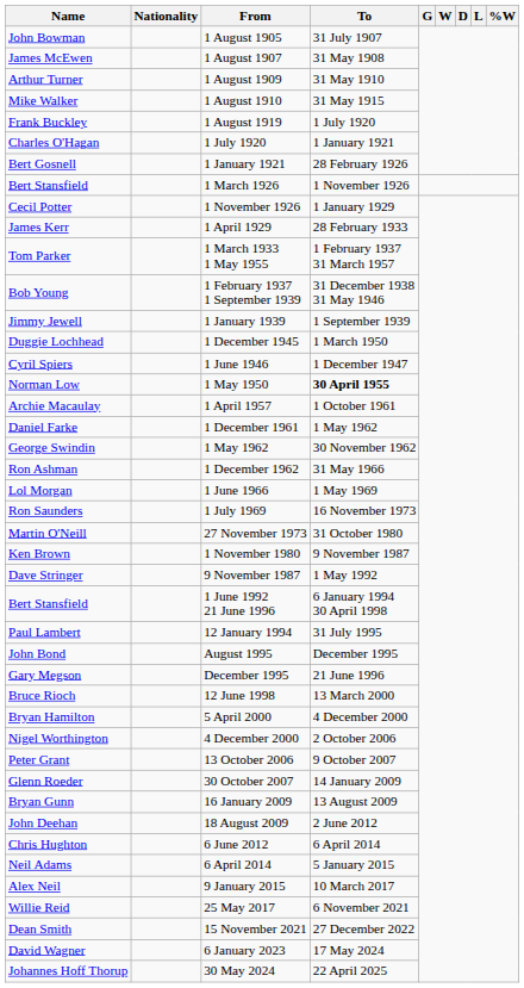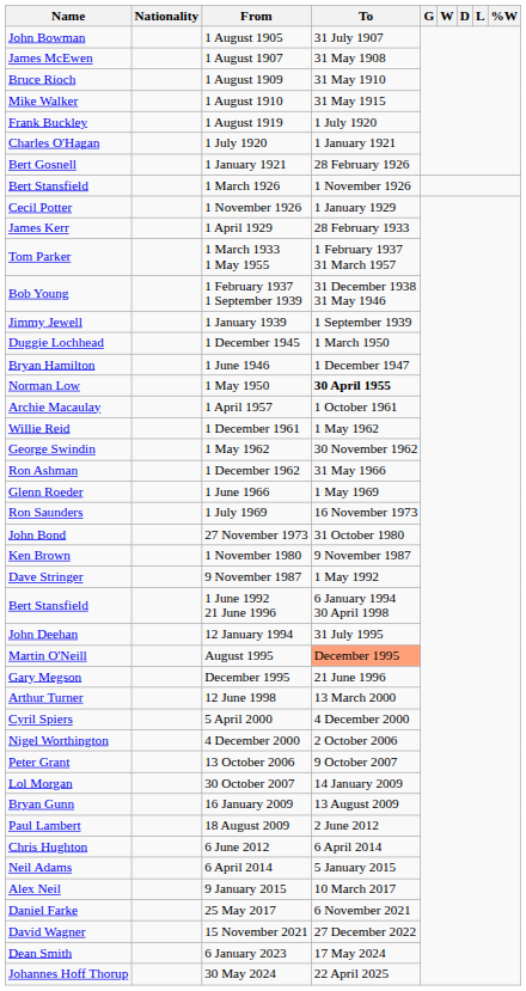 <table class="wikitable sortable" style="text-align: center;">
 <tr>
 <th>Name</th>
 <th>Nationality</th>
 <th>From</th>
 <th>To</th>
 <th>G</th>
 <th>W</th>
 <th>D</th>
 <th>L</th>
 <th>%W</th>
 </tr>
 <tr>
 <td style="text-align:left;"><a href='#'>John Bowman</a></td>
 <td></td>
 <td style="text-align:left;">1 August 1905</td>
 <td align=left>31 July 1907<br></td>
 </tr>
 <tr>
 <td style="text-align:left;"><a href='#'>James McEwen</a></td>
 <td></td>
 <td style="text-align:left;">1 August 1907</td>
 <td align=left>31 May 1908<br></td>
 </tr>
 <tr>
-<td style="text-align:left;"><a href='#'>Arthur Turner</a></td>
+<td style="text-align:left;"><a href='#'>Bruce Rioch</a></td>
 <td></td>
 <td style="text-align:left;">1 August 1909</td>
 <td align=left>31 May 1910<br></td>
 </tr>
 <tr>
 <td style="text-align:left;"><a href='#'>Mike Walker</a></td>
 <td></td>
 <td style="text-align:left;">1 August 1910</td>
 <td align=left>31 May 1915<br></td>
 </tr>
 <tr>
 <td style="text-align:left;"><a href='#'>Frank Buckley</a></td>
 <td></td>
 <td style="text-align:left;">1 August 1919</td>
 <td align=left>1 July 1920<br></td>
 </tr>
 <tr>
 <td style="text-align:left;"><a href='#'>Charles O'Hagan</a></td>
 <td></td>
 <td style="text-align:left;">1 July 1920</td>
 <td align=left>1 January 1921<br></td>
 </tr>
 <tr>
 <td style="text-align:left;"><a href='#'>Bert Gosnell</a></td>
 <td></td>
 <td style="text-align:left;">1 January 1921</td>
 <td align=left>28 February 1926<br></td>
 </tr>
 <tr>
 <td style="text-align:left;"><a href='#'>Bert Stansfield</a></td>
 <td></td>
 <td style="text-align:left;">1 March 1926</td>
 <td style="text-align:left;">1 November 1926</td>
 <td colspan="5"></td>
 </tr>
 <tr>
 <td style="text-align:left;"><a href='#'>Cecil Potter</a></td>
 <td></td>
 <td style="text-align:left;">1 November 1926</td>
 <td align=left>1 January 1929<br></td>
 </tr>
 <tr>
 <td style="text-align:left;"><a href='#'>James Kerr</a></td>
 <td></td>
 <td style="text-align:left;">1 April 1929</td>
 <td align=left>28 February 1933<br></td>
 </tr>
 <tr>
 <td style="text-align:left;"><a href='#'>Tom Parker</a></td>
 <td></td>
 <td style="text-align:left;">1 March 1933<br>1 May 1955</td>
 <td align=left>1 February 1937<br>31 March 1957<br></td>
 </tr>
 <tr>
 <td style="text-align:left;"><a href='#'>Bob Young</a></td>
 <td></td>
 <td style="text-align:left;">1 February 1937<br>1 September 1939</td>
 <td align=left>31 December 1938<br>31 May 1946<br></td>
 </tr>
 <tr>
 <td style="text-align:left;"><a href='#'>Jimmy Jewell</a></td>
 <td></td>
 <td style="text-align:left;">1 January 1939</td>
 <td align=left>1 September 1939<br></td>
 </tr>
 <tr>
 <td style="text-align:left;"><a href='#'>Duggie Lochhead</a></td>
 <td></td>
 <td style="text-align:left;">1 December 1945</td>
 <td align=left>1 March 1950<br></td>
 </tr>
 <tr>
-<td style="text-align:left;"><a href='#'>Cyril Spiers</a></td>
+<td style="text-align:left;"><a href='#'>Bryan Hamilton</a></td>
 <td></td>
 <td style="text-align:left;">1 June 1946</td>
 <td align=left>1 December 1947<br></td>
 </tr>
 <tr>
 <td style="text-align:left;"><a href='#'>Norman Low</a></td>
 <td></td>
 <td style="text-align:left;">1 May 1950</td>
 <td align=left><strong>30 April 1955<br></strong></td>
 </tr>
 <tr>
 <td style="text-align:left;"><a href='#'>Archie Macaulay</a></td>
 <td></td>
 <td style="text-align:left;">1 April 1957</td>
 <td align=left>1 October 1961<br></td>
 </tr>
 <tr>
-<td style="text-align:left;"><a href='#'>Daniel Farke</a></td>
+<td style="text-align:left;"><a href='#'>Willie Reid</a></td>
 <td></td>
 <td style="text-align:left;">1 December 1961</td>
 <td align=left>1 May 1962<br></td>
 </tr>
 <tr>
 <td style="text-align:left;"><a href='#'>George Swindin</a></td>
 <td></td>
 <td style="text-align:left;">1 May 1962</td>
 <td align=left>30 November 1962<br></td>
 </tr>
 <tr>
 <td style="text-align:left;"><a href='#'>Ron Ashman</a></td>
 <td></td>
 <td style="text-align:left;">1 December 1962</td>
 <td align=left>31 May 1966<br></td>
 </tr>
 <tr>
-<td style="text-align:left;"><a href='#'>Lol Morgan</a></td>
+<td style="text-align:left;"><a href='#'>Glenn Roeder</a></td>
 <td></td>
 <td style="text-align:left;">1 June 1966</td>
 <td align=left>1 May 1969<br></td>
 </tr>
 <tr>
 <td style="text-align:left;"><a href='#'>Ron Saunders</a></td>
 <td></td>
 <td style="text-align:left;">1 July 1969</td>
 <td align=left>16 November 1973<br></td>
 </tr>
 <tr>
-<td style="text-align:left;"><a href='#'>Martin O'Neill</a></td>
+<td style="text-align:left;"><a href='#'>John Bond</a></td>
 <td></td>
 <td style="text-align:left;">27 November 1973</td>
 <td align=left>31 October 1980<br></td>
 </tr>
 <tr>
 <td style="text-align:left;"><a href='#'>Ken Brown</a></td>
 <td></td>
 <td style="text-align:left;">1 November 1980</td>
 <td align=left>9 November 1987<br></td>
 </tr>
 <tr>
 <td style="text-align:left;"><a href='#'>Dave Stringer</a></td>
 <td></td>
 <td style="text-align:left;">9 November 1987</td>
 <td align=left>1 May 1992<br></td>
 </tr>
 <tr>
 <td style="text-align:left;"><a href='#'>Bert Stansfield</a></td>
 <td></td>
 <td style="text-align:left;">1 June 1992<br>21 June 1996</td>
 <td align=left>6 January 1994<br>30 April 1998<br></td>
 </tr>
 <tr>
-<td style="text-align:left;"><a href='#'>Paul Lambert</a></td>
+<td style="text-align:left;"><a href='#'>John Deehan</a></td>
 <td></td>
 <td style="text-align:left;">12 January 1994</td>
 <td align=left>31 July 1995<br></td>
 </tr>
 <tr>
-<td style="text-align:left;"><a href='#'>John Bond</a></td>
+<td style="text-align:left;"><a href='#'>Martin O'Neill</a></td>
 <td></td>
 <td style="text-align:left;">August 1995</td>
-<td align=left>December 1995<br></td>
+<td align=left style="background: lightsalmon;">December 1995<br></td>
 </tr>
 <tr>
 <td style="text-align:left;"><a href='#'>Gary Megson</a></td>
 <td></td>
 <td style="text-align:left;">December 1995</td>
 <td align=left>21 June 1996<br></td>
 </tr>
 <tr>
-<td style="text-align:left;"><a href='#'>Bruce Rioch</a></td>
+<td style="text-align:left;"><a href='#'>Arthur Turner</a></td>
 <td></td>
 <td style="text-align:left;">12 June 1998</td>
 <td align=left>13 March 2000<br></td>
 </tr>
 <tr>
-<td style="text-align:left;"><a href='#'>Bryan Hamilton</a></td>
+<td style="text-align:left;"><a href='#'>Cyril Spiers</a></td>
 <td></td>
 <td style="text-align:left;">5 April 2000</td>
 <td align=left>4 December 2000<br></td>
 </tr>
 <tr>
 <td style="text-align:left;"><a href='#'>Nigel Worthington</a></td>
 <td></td>
 <td style="text-align:left;">4 December 2000</td>
 <td align=left>2 October 2006<br></td>
 </tr>
 <tr>
 <td style="text-align:left;"><a href='#'>Peter Grant</a></td>
 <td></td>
 <td style="text-align:left;">13 October 2006</td>
 <td align=left>9 October 2007<br></td>
 </tr>
 <tr>
-<td style="text-align:left;"><a href='#'>Glenn Roeder</a></td>
+<td style="text-align:left;"><a href='#'>Lol Morgan</a></td>
 <td></td>
 <td style="text-align:left;">30 October 2007</td>
 <td align=left>14 January 2009<br></td>
 </tr>
 <tr>
 <td style="text-align:left;"><a href='#'>Bryan Gunn</a></td>
 <td></td>
 <td style="text-align:left;">16 January 2009</td>
 <td align=left>13 August 2009<br></td>
 </tr>
 <tr>
-<td style="text-align:left;"><a href='#'>John Deehan</a></td>
+<td style="text-align:left;"><a href='#'>Paul Lambert</a></td>
 <td></td>
 <td style="text-align:left;">18 August 2009</td>
 <td align=left>2 June 2012<br></td>
 </tr>
 <tr>
 <td style="text-align:left;"><a href='#'>Chris Hughton</a></td>
 <td></td>
 <td style="text-align:left;">6 June 2012</td>
 <td align=left>6 April 2014<br></td>
 </tr>
 <tr>
 <td style="text-align:left;"><a href='#'>Neil Adams</a></td>
 <td></td>
 <td style="text-align:left;">6 April 2014</td>
 <td align=left>5 January 2015<br></td>
 </tr>
 <tr>
 <td style="text-align:left;"><a href='#'>Alex Neil</a></td>
 <td></td>
 <td style="text-align:left;">9 January 2015</td>
 <td align=left>10 March 2017<br></td>
 </tr>
 <tr>
-<td style="text-align:left;"><a href='#'>Willie Reid</a></td>
+<td style="text-align:left;"><a href='#'>Daniel Farke</a></td>
 <td></td>
 <td style="text-align:left">25 May 2017</td>
 <td align=left>6 November 2021<br></td>
 </tr>
 <tr>
-<td style="text-align:left;"><a href='#'>Dean Smith</a></td>
+<td style="text-align:left;"><a href='#'>David Wagner</a></td>
 <td></td>
 <td style="text-align:left;">15 November 2021</td>
 <td align=left>27 December 2022<br></td>
 </tr>
 <tr>
-<td style="text-align:left;"><a href='#'>David Wagner</a></td>
+<td style="text-align:left;"><a href='#'>Dean Smith</a></td>
 <td></td>
 <td style="text-align:left;">6 January 2023</td>
 <td align=left>17 May 2024<br></td>
 </tr>
 <tr>
 <td style="text-align:left;"><a href='#'>Johannes Hoff Thorup</a></td>
 <td></td>
 <td style="text-align:left;">30 May 2024</td>
 <td align=left>22 April 2025<br></td>
 </tr>
 </table>
